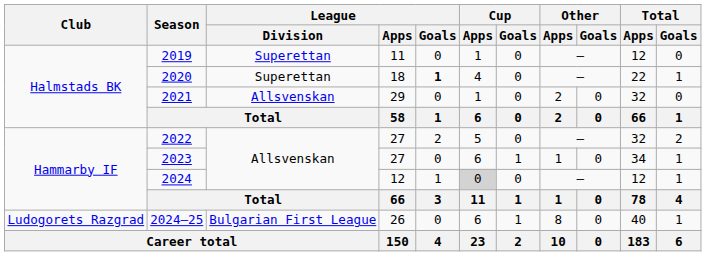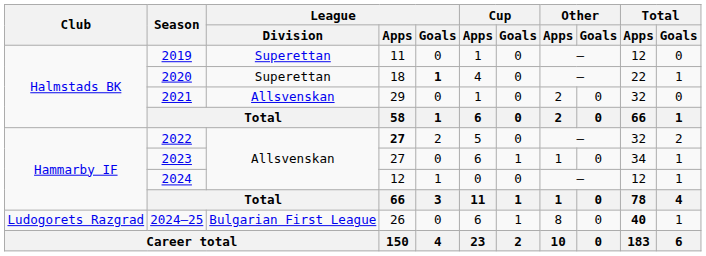 <table class="wikitable" style="text-align:center">
 <tr>
 <th rowspan="2">Club</th>
 <th rowspan="2">Season</th>
 <th colspan="3">League</th>
 <th colspan="2">Cup</th>
 <th colspan="2">Other</th>
 <th colspan="2">Total</th>
 </tr>
 <tr>
 <th>Division</th>
 <th>Apps</th>
 <th>Goals</th>
 <th>Apps</th>
 <th>Goals</th>
 <th>Apps</th>
 <th>Goals</th>
 <th>Apps</th>
 <th>Goals</th>
 </tr>
 <tr>
 <td rowspan="4"><a href='#'>Halmstads BK</a></td>
 <td><a href='#'>2019</a></td>
 <td><a href='#'>Superettan</a></td>
 <td>11</td>
 <td>0</td>
 <td>1</td>
 <td>0</td>
 <td colspan="2">—</td>
 <td>12</td>
 <td>0</td>
 </tr>
 <tr>
 <td><a href='#'>2020</a></td>
 <td>Superettan</td>
 <td>18</td>
 <td><strong>1</strong></td>
 <td>4</td>
 <td>0</td>
 <td colspan="2">—</td>
 <td>22</td>
 <td>1</td>
 </tr>
 <tr>
 <td><a href='#'>2021</a></td>
 <td><a href='#'>Allsvenskan</a></td>
 <td>29</td>
 <td>0</td>
 <td>1</td>
 <td>0</td>
 <td>2</td>
 <td>0</td>
 <td>32</td>
 <td>0</td>
 </tr>
 <tr>
 <th colspan="2">Total</th>
 <th>58</th>
 <th>1</th>
 <th>6</th>
 <th>0</th>
 <th>2</th>
 <th>0</th>
 <th>66</th>
 <th>1</th>
 </tr>
 <tr>
 <td rowspan="4"><a href='#'>Hammarby IF</a></td>
 <td><a href='#'>2022</a></td>
 <td rowspan="3">Allsvenskan</td>
-<td>27</td>
+<td><strong>27</strong></td>
 <td>2</td>
 <td>5</td>
 <td>0</td>
 <td colspan="2">—</td>
 <td>32</td>
 <td>2</td>
 </tr>
 <tr>
 <td><a href='#'>2023</a></td>
 <td>27</td>
 <td>0</td>
 <td>6</td>
 <td>1</td>
 <td>1</td>
 <td>0</td>
 <td>34</td>
 <td>1</td>
 </tr>
 <tr>
 <td><a href='#'>2024</a></td>
 <td>12</td>
 <td>1</td>
-<td style="background: lightgrey;">0</td>
+<td>0</td>
 <td>0</td>
 <td colspan="2">—</td>
 <td>12</td>
 <td>1</td>
 </tr>
 <tr>
 <th colspan="2">Total</th>
 <th>66</th>
 <th>3</th>
 <th>11</th>
 <th>1</th>
 <th>1</th>
 <th>0</th>
 <th>78</th>
 <th>4</th>
 </tr>
 <tr>
 <td><a href='#'>Ludogorets Razgrad</a></td>
 <td><a href='#'>2024–25</a></td>
 <td><a href='#'>Bulgarian First League</a></td>
 <td>26</td>
 <td>0</td>
 <td>6</td>
 <td>1</td>
 <td>8</td>
 <td>0</td>
-<td>40</td>
+<td><strong>40</strong></td>
 <td>1</td>
 </tr>
 <tr>
 <th colspan="3">Career total</th>
 <th>150</th>
 <th>4</th>
 <th>23</th>
 <th>2</th>
 <th>10</th>
 <th>0</th>
 <th>183</th>
 <th>6</th>
 </tr>
 </table>
